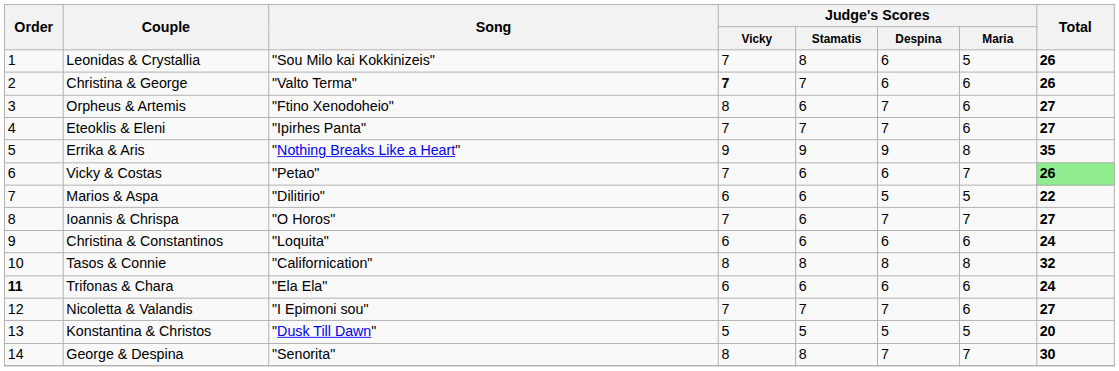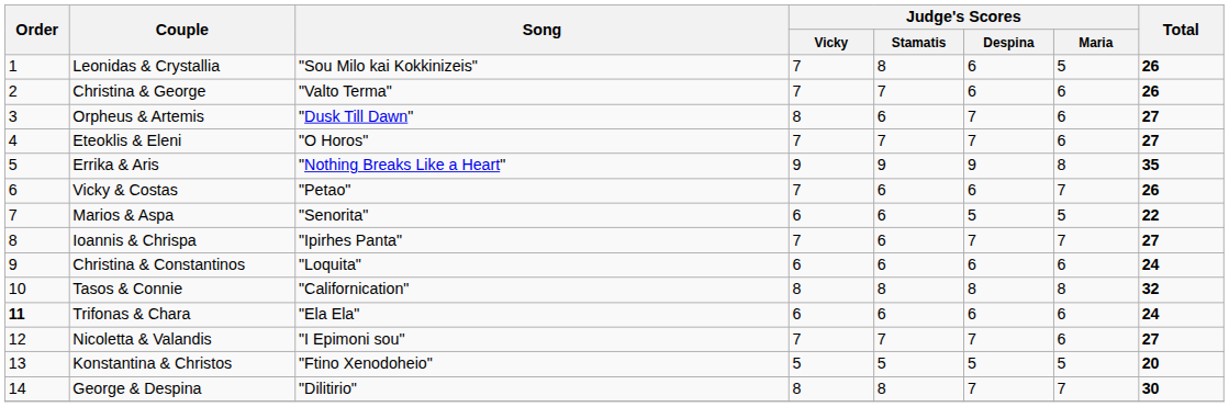 <table class="wikitable sortable center">
 <tr>
 <th rowspan="2" style="width: 4em">Order</th>
 <th rowspan="2" style="width: 17em">Couple</th>
 <th rowspan="2" style="width: 40em">Song</th>
 <th colspan="4">Judge's Scores</th>
 <th rowspan="2" style="width: 6em">Total</th>
 </tr>
 <tr>
 <th style="width: 6em"><small>Vicky</small></th>
 <th style="width: 6em"><small>Stamatis</small></th>
 <th style="width: 6em"><small>Despina</small></th>
 <th style="width: 6em"><small>Maria</small></th>
 </tr>
 <tr>
 <td>1</td>
 <td>Leonidas & Crystallia</td>
 <td>"Sou Milo kai Kokkinizeis"</td>
 <td>7</td>
 <td>8</td>
 <td>6</td>
 <td>5</td>
 <td><strong>26</strong></td>
 </tr>
 <tr>
 <td>2</td>
 <td>Christina & George</td>
 <td>"Valto Terma"</td>
-<td><strong>7</strong></td>
+<td>7</td>
 <td>7</td>
 <td>6</td>
 <td>6</td>
 <td><strong>26</strong></td>
 </tr>
 <tr>
 <td>3</td>
 <td>Orpheus & Artemis</td>
-<td>"Ftino Xenodoheio"</td>
+<td>"<a href='#'>Dusk Till Dawn</a>"</td>
 <td>8</td>
 <td>6</td>
 <td>7</td>
 <td>6</td>
 <td><strong>27</strong></td>
 </tr>
 <tr>
 <td>4</td>
 <td>Eteoklis & Eleni</td>
-<td>"Ipirhes Panta"</td>
+<td>"O Horos"</td>
 <td>7</td>
 <td>7</td>
 <td>7</td>
 <td>6</td>
 <td><strong>27</strong></td>
 </tr>
 <tr>
 <td>5</td>
 <td>Errika & Aris</td>
 <td>"<a href='#'>Nothing Breaks Like a Heart</a>"</td>
 <td>9</td>
 <td>9</td>
 <td>9</td>
 <td>8</td>
 <td><strong>35</strong></td>
 </tr>
 <tr>
 <td>6</td>
 <td>Vicky & Costas</td>
 <td>"Petao"</td>
 <td>7</td>
 <td>6</td>
 <td>6</td>
 <td>7</td>
-<td style="background: lightgreen;"><strong>26</strong></td>
+<td><strong>26</strong></td>
 </tr>
 <tr>
 <td>7</td>
 <td>Marios & Aspa</td>
-<td>"Dilitirio"</td>
+<td>"Senorita"</td>
 <td>6</td>
 <td>6</td>
 <td>5</td>
 <td>5</td>
 <td><strong>22</strong></td>
 </tr>
 <tr>
 <td>8</td>
 <td>Ioannis & Chrispa</td>
-<td>"O Horos"</td>
+<td>"Ipirhes Panta"</td>
 <td>7</td>
 <td>6</td>
 <td>7</td>
 <td>7</td>
 <td><strong>27</strong></td>
 </tr>
 <tr>
 <td>9</td>
 <td>Christina & Constantinos</td>
 <td>"Loquita"</td>
 <td>6</td>
 <td>6</td>
 <td>6</td>
 <td>6</td>
 <td><strong>24</strong></td>
 </tr>
 <tr>
 <td>10</td>
 <td>Tasos & Connie</td>
 <td>"Californication"</td>
 <td>8</td>
 <td>8</td>
 <td>8</td>
 <td>8</td>
 <td><strong>32</strong></td>
 </tr>
 <tr>
 <td><strong>11</strong></td>
 <td>Trifonas & Chara</td>
 <td>"Ela Ela"</td>
 <td>6</td>
 <td>6</td>
 <td>6</td>
 <td>6</td>
 <td><strong>24</strong></td>
 </tr>
 <tr>
 <td>12</td>
 <td>Nicoletta & Valandis</td>
 <td>"I Epimoni sou"</td>
 <td>7</td>
 <td>7</td>
 <td>7</td>
 <td>6</td>
 <td><strong>27</strong></td>
 </tr>
 <tr>
 <td>13</td>
 <td>Konstantina & Christos</td>
-<td>"<a href='#'>Dusk Till Dawn</a>"</td>
+<td>"Ftino Xenodoheio"</td>
 <td>5</td>
 <td>5</td>
 <td>5</td>
 <td>5</td>
 <td><strong>20</strong></td>
 </tr>
 <tr>
 <td>14</td>
 <td>George & Despina</td>
-<td>"Senorita"</td>
+<td>"Dilitirio"</td>
 <td>8</td>
 <td>8</td>
 <td>7</td>
 <td>7</td>
 <td><strong>30</strong></td>
 </tr>
 <tr>
 </tr>
 </table>
